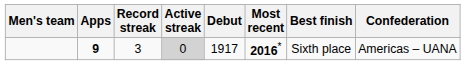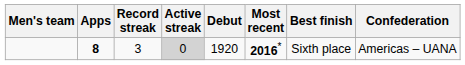 <table class="wikitable" style="text-align: center; font-size: 90%; margin-left: 1em;">
 <tr>
 <th>Men's team</th>
 <th>Apps</th>
 <th>Record<br>streak</th>
 <th>Active<br>streak</th>
 <th>Debut</th>
 <th>Most<br>recent</th>
 <th>Best finish</th>
 <th>Confederation</th>
 </tr>
 <tr>
 <td style="text-align: left;"></td>
-<td><strong>9</strong></td>
+<td><strong>8</strong></td>
 <td>3</td>
 <td style="background: lightgrey;">0</td>
-<td>1917</td>
+<td>1920</td>
 <td><strong>2016</strong><sup>*</sup></td>
 <td>Sixth place</td>
 <td>Americas – UANA</td>
 </tr>
 </table>
